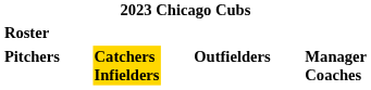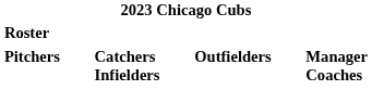 <table class="toccolours" style="font-size: 95%;">
 <tr>
 <th colspan="10">2023 Chicago Cubs</th>
 </tr>
 <tr>
 <td colspan="10"><strong>Roster</strong></td>
 </tr>
 <tr>
 <td valign="top"><strong>Pitchers</strong><br>                                              </td>
 <td width="25px"></td>
-<td valign="top" style="background: gold;"><strong>Catchers</strong><br>        <strong>Infielders</strong>                      </td>
+<td valign="top"><strong>Catchers</strong><br>        <strong>Infielders</strong>                      </td>
 <td width="25px"></td>
 <td valign="top"><strong>Outfielders</strong><br>              </td>
 <td width="25px"></td>
 <td valign="top"><strong>Manager</strong><br> <strong>Coaches</strong>                              </td>
 </tr>
 <tr>
 </tr>
 </table>
